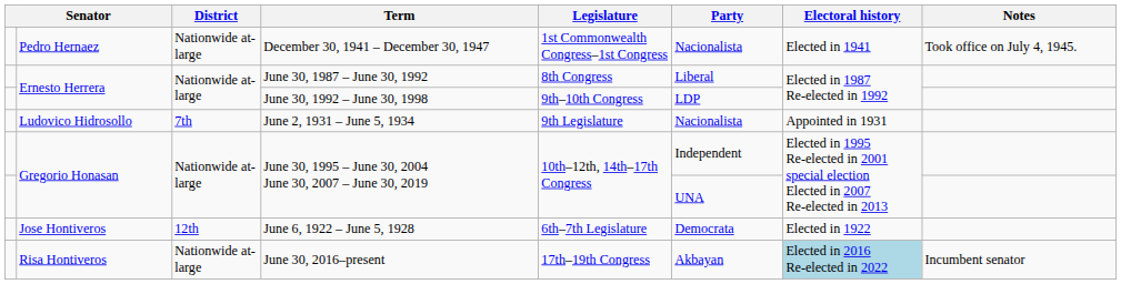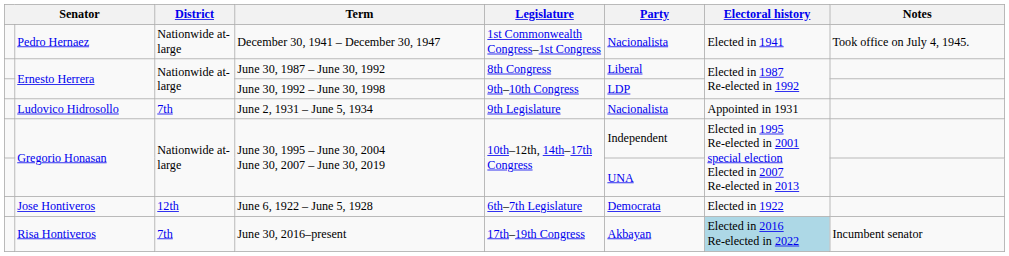 <table class="wikitable" style="font-size:95%" width=99%>
 <tr>
 <th colspan="2" width="15%">Senator</th>
 <th width="8%"><a href='#'>District</a></th>
 <th width="25%">Term</th>
 <th width="12%"><a href='#'>Legislature</a></th>
 <th width="10%"><a href='#'>Party</a></th>
 <th width="12.5%"><a href='#'>Electoral history</a></th>
 <th width="17.5%">Notes</th>
 </tr>
 <tr>
 <td width=1% style="background-color:"></td>
 <td><a href='#'>Pedro Hernaez</a></td>
 <td>Nationwide at-large</td>
 <td>December 30, 1941 – December 30, 1947</td>
 <td><a href='#'>1st Commonwealth Congress</a>–<a href='#'>1st Congress</a></td>
 <td><a href='#'>Nacionalista</a></td>
 <td>Elected in <a href='#'>1941</a></td>
 <td>Took office on July 4, 1945.</td>
 </tr>
 <tr>
 <td style="background-color:"></td>
 <td rowspan="2"><a href='#'>Ernesto Herrera</a></td>
 <td rowspan="2">Nationwide at-large</td>
 <td>June 30, 1987 – June 30, 1992</td>
 <td><a href='#'>8th Congress</a></td>
 <td><a href='#'>Liberal</a></td>
 <td rowspan="2">Elected in <a href='#'>1987</a><br>Re-elected in <a href='#'>1992</a></td>
 <td></td>
 </tr>
 <tr>
 <td style="background-color:"></td>
 <td>June 30, 1992 – June 30, 1998</td>
 <td><a href='#'>9th</a>–<a href='#'>10th Congress</a></td>
 <td><a href='#'>LDP</a></td>
 <td></td>
 </tr>
 <tr>
 <td style="background-color:"></td>
 <td><a href='#'>Ludovico Hidrosollo</a></td>
 <td><a href='#'>7th</a></td>
 <td>June 2, 1931 – June 5, 1934</td>
 <td><a href='#'>9th Legislature</a></td>
 <td><a href='#'>Nacionalista</a></td>
 <td>Appointed in 1931</td>
 <td></td>
 </tr>
 <tr>
 <td style="background-color:"></td>
 <td rowspan="2"><a href='#'>Gregorio Honasan</a></td>
 <td rowspan="2">Nationwide at-large</td>
 <td rowspan="2">June 30, 1995 – June 30, 2004<br>June 30, 2007 – June 30, 2019</td>
 <td rowspan="2"><a href='#'>10th</a>–12th, <a href='#'>14th</a>–<a href='#'>17th Congress</a></td>
 <td>Independent</td>
 <td rowspan="2">Elected in <a href='#'>1995</a><br>Re-elected in <a href='#'>2001 special election</a><br>Elected in <a href='#'>2007</a><br>Re-elected in <a href='#'>2013</a></td>
 <td></td>
 </tr>
 <tr>
 <td style="background-color:"></td>
 <td><a href='#'>UNA</a></td>
 <td></td>
 </tr>
 <tr>
 <td style="background-color:"></td>
 <td><a href='#'>Jose Hontiveros</a></td>
 <td><a href='#'>12th</a></td>
 <td>June 6, 1922 – June 5, 1928</td>
 <td><a href='#'>6th</a>–<a href='#'>7th Legislature</a></td>
 <td><a href='#'>Democrata</a></td>
 <td>Elected in <a href='#'>1922</a></td>
 <td></td>
 </tr>
 <tr>
 <td style="background-color:"></td>
 <td><a href='#'>Risa Hontiveros</a></td>
-<td>Nationwide at-large</td>
+<td><a href='#'>7th</a></td>
 <td>June 30, 2016–present</td>
 <td><a href='#'>17th</a>–<a href='#'>19th Congress</a></td>
 <td><a href='#'>Akbayan</a></td>
 <td style="background: lightblue;">Elected in <a href='#'>2016</a><br>Re-elected in <a href='#'>2022</a></td>
 <td>Incumbent senator</td>
 </tr>
 </table>
